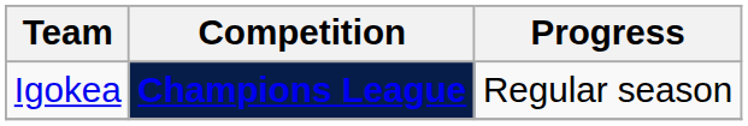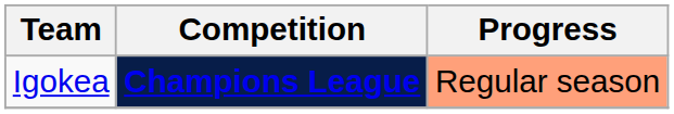 <table class="wikitable sortable">
 <tr>
 <th>Team</th>
 <th>Competition</th>
 <th>Progress</th>
 </tr>
 <tr>
 <td><a href='#'>Igokea</a></td>
 <td style="background-color:#071D49;color:#D0D3D4;text-align:center"><strong><span><a href='#'>Champions League</a></span></strong></td>
-<td>Regular season</td>
+<td style="background: lightsalmon;">Regular season</td>
 </tr>
 <tr>
 </tr>
 </table>
